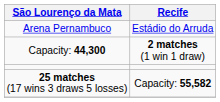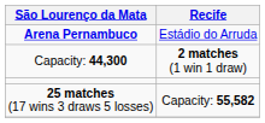 <table class="wikitable" style="text-align:center">
 <tr>
 <th><a href='#'>São Lourenço da Mata</a></th>
 <th><a href='#'>Recife</a></th>
 </tr>
 <tr>
-<td><a href='#'>Arena Pernambuco</a></td>
+<td><strong><a href='#'>Arena Pernambuco</a></strong></td>
 <td><a href='#'>Estádio do Arruda</a></td>
 </tr>
 <tr>
 <td>Capacity: <strong>44,300</strong></td>
 <td><strong>2 matches</strong><br>(1 win 1 draw)</td>
 </tr>
 <tr>
 <td></td>
 <td></td>
 </tr>
 <tr>
 <td><strong>25 matches</strong><br>(17 wins 3 draws 5 losses)</td>
 <td>Capacity: <strong>55,582</strong></td>
 </tr>
 <tr>
 </tr>
 </table>
